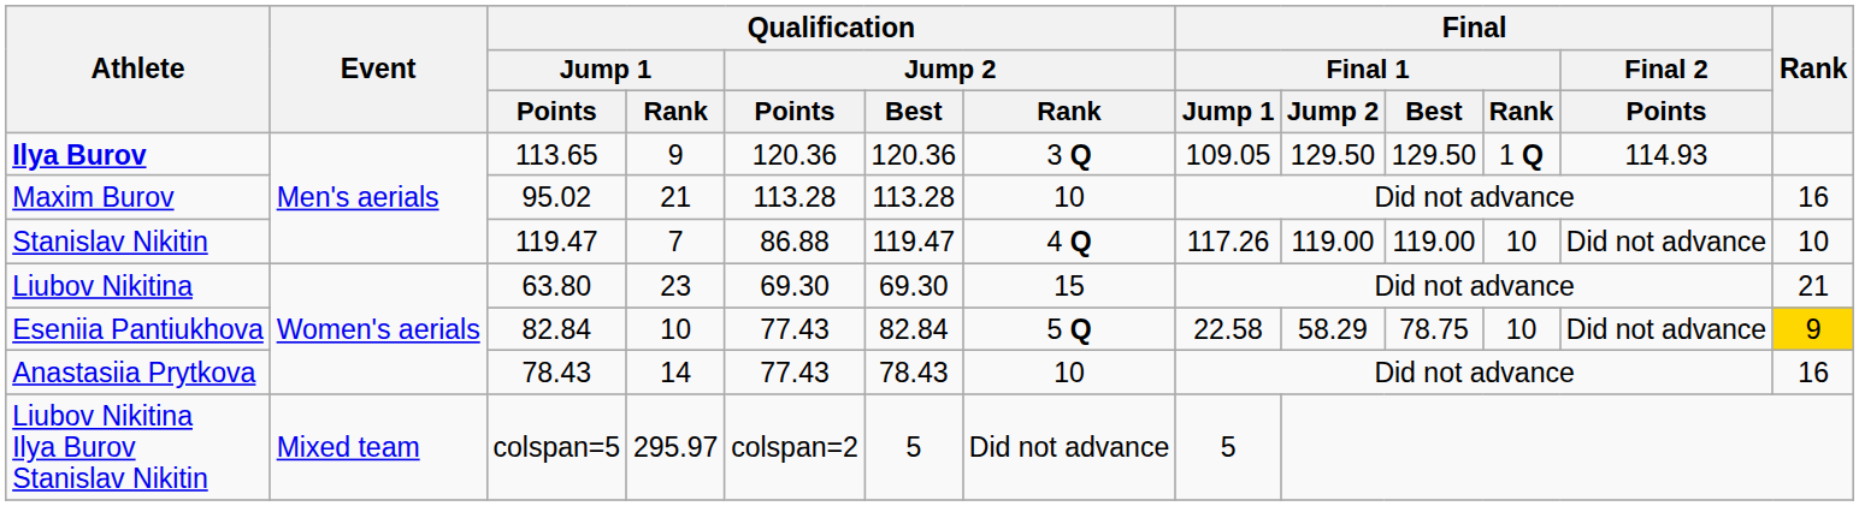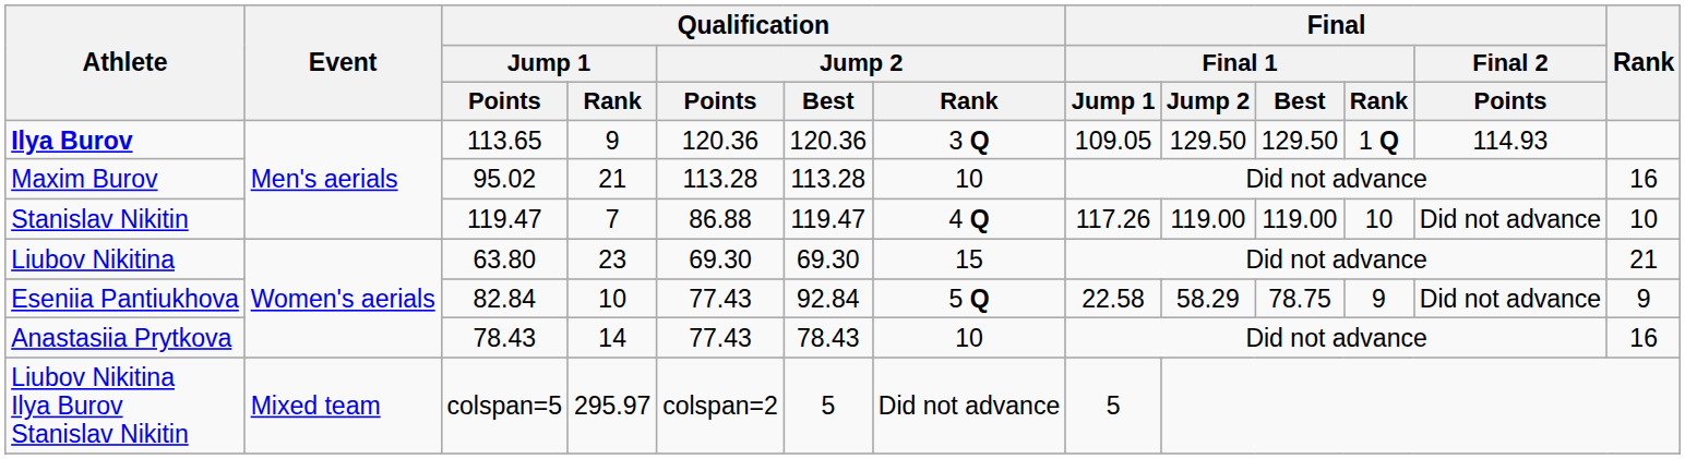 <table class=wikitable style="text-align:center; font-size:90%">
 <tr>
 <th rowspan=3>Athlete</th>
 <th rowspan=3>Event</th>
 <th colspan=5>Qualification</th>
 <th colspan=5>Final</th>
 <th rowspan=3>Rank</th>
 </tr>
 <tr style="font-size:95%">
 <th colspan=2>Jump 1</th>
 <th colspan=3>Jump 2</th>
 <th colspan=4>Final 1</th>
 <th>Final 2</th>
 </tr>
 <tr style="font-size:95%">
 <th>Points</th>
 <th>Rank</th>
 <th>Points</th>
 <th>Best</th>
 <th>Rank</th>
 <th>Jump 1</th>
 <th>Jump 2</th>
 <th>Best</th>
 <th>Rank</th>
 <th>Points</th>
 </tr>
 <tr>
 <td align=left><strong><a href='#'>Ilya Burov</a></strong></td>
 <td align=left rowspan=3><a href='#'>Men's aerials</a></td>
 <td>113.65</td>
 <td>9</td>
 <td>120.36</td>
 <td>120.36</td>
 <td>3 <strong>Q</strong></td>
 <td>109.05</td>
 <td>129.50</td>
 <td>129.50</td>
 <td>1 <strong>Q</strong></td>
 <td>114.93</td>
 <td></td>
 </tr>
 <tr>
 <td align=left><a href='#'>Maxim Burov</a></td>
 <td>95.02</td>
 <td>21</td>
 <td>113.28</td>
 <td>113.28</td>
 <td>10</td>
 <td colspan=5>Did not advance</td>
 <td>16</td>
 </tr>
 <tr>
 <td align=left><a href='#'>Stanislav Nikitin</a></td>
 <td>119.47</td>
 <td>7</td>
 <td>86.88</td>
 <td>119.47</td>
 <td>4 <strong>Q</strong></td>
 <td>117.26</td>
 <td>119.00</td>
 <td>119.00</td>
 <td>10</td>
 <td>Did not advance</td>
 <td>10</td>
 </tr>
 <tr>
 <td align=left><a href='#'>Liubov Nikitina</a></td>
 <td align=left rowspan=3><a href='#'>Women's aerials</a></td>
 <td>63.80</td>
 <td>23</td>
 <td>69.30</td>
 <td>69.30</td>
 <td>15</td>
 <td colspan=5>Did not advance</td>
 <td>21</td>
 </tr>
 <tr>
 <td align=left><a href='#'>Eseniia Pantiukhova</a></td>
 <td>82.84</td>
 <td>10</td>
 <td>77.43</td>
-<td>82.84</td>
+<td>92.84</td>
 <td>5 <strong>Q</strong></td>
 <td>22.58</td>
 <td>58.29</td>
 <td>78.75</td>
-<td>10</td>
+<td>9</td>
 <td>Did not advance</td>
-<td style="background: gold;">9</td>
+<td>9</td>
 </tr>
 <tr>
 <td align=left><a href='#'>Anastasiia Prytkova</a></td>
 <td>78.43</td>
 <td>14</td>
 <td>77.43</td>
 <td>78.43</td>
 <td>10</td>
 <td colspan=5>Did not advance</td>
 <td>16</td>
 </tr>
 <tr>
 <td align=left><a href='#'>Liubov Nikitina</a><br><a href='#'>Ilya Burov</a><br><a href='#'>Stanislav Nikitin</a></td>
 <td align=left><a href='#'>Mixed team</a></td>
 <td>colspan=5 </td>
 <td>295.97</td>
 <td>colspan=2 </td>
 <td>5</td>
 <td>Did not advance</td>
 <td>5</td>
 </tr>
 </table>
